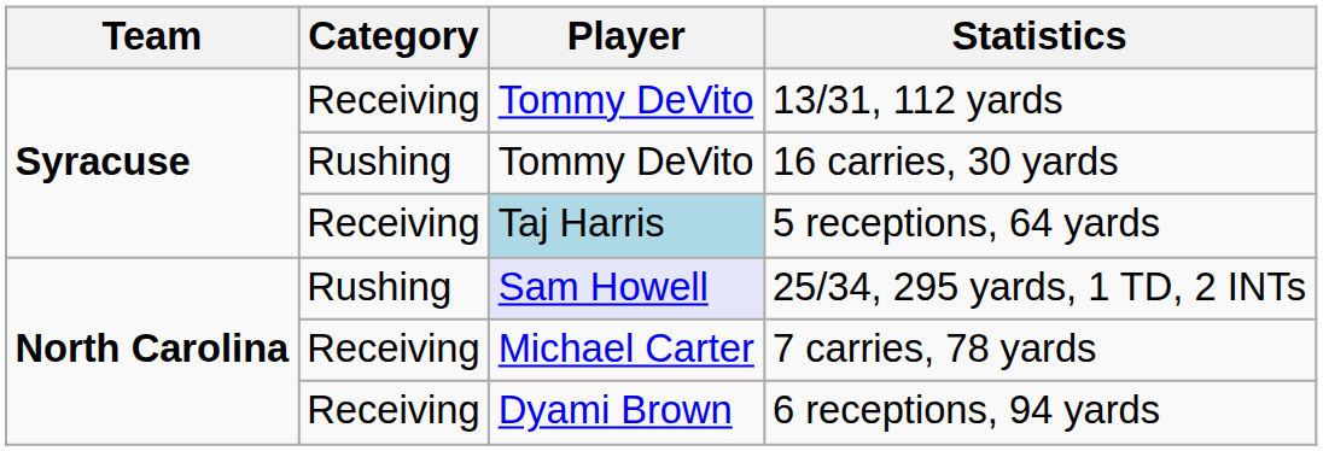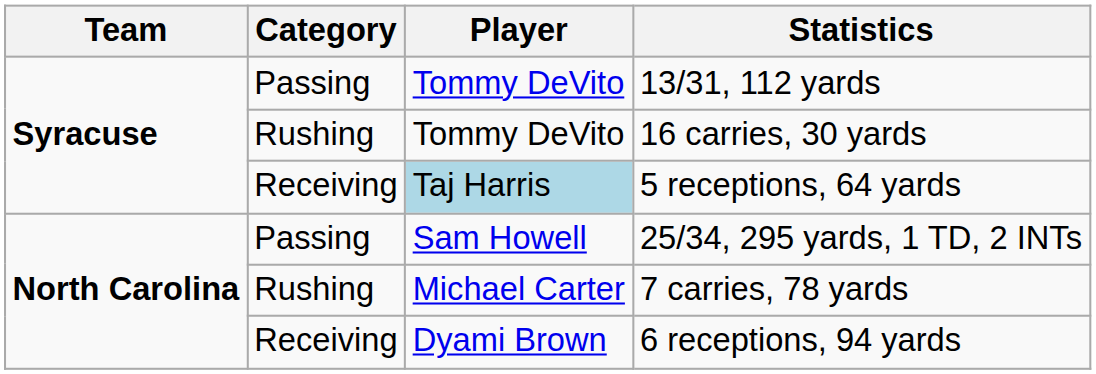 <table class="wikitable" style="float: left;">
 <tr>
 <th>Team</th>
 <th>Category</th>
 <th>Player</th>
 <th>Statistics</th>
 </tr>
 <tr>
 <td rowspan=3><strong>Syracuse</strong></td>
-<td>Receiving</td>
+<td>Passing</td>
 <td><a href='#'>Tommy DeVito</a></td>
 <td>13/31, 112 yards</td>
 </tr>
 <tr>
 <td>Rushing</td>
 <td>Tommy DeVito</td>
 <td>16 carries, 30 yards</td>
 </tr>
 <tr>
 <td>Receiving</td>
 <td style="background: lightblue;">Taj Harris</td>
 <td>5 receptions, 64 yards</td>
 </tr>
 <tr>
 <td rowspan=3><strong>North Carolina</strong></td>
-<td>Rushing</td>
-<td style="background: lavender;"><a href='#'>Sam Howell</a></td>
+<td>Passing</td>
+<td><a href='#'>Sam Howell</a></td>
 <td>25/34, 295 yards, 1 TD, 2 INTs</td>
 </tr>
 <tr>
-<td>Receiving</td>
+<td>Rushing</td>
 <td><a href='#'>Michael Carter</a></td>
 <td>7 carries, 78 yards</td>
 </tr>
 <tr>
 <td>Receiving</td>
 <td><a href='#'>Dyami Brown</a></td>
 <td>6 receptions, 94 yards</td>
 </tr>
 </table>
